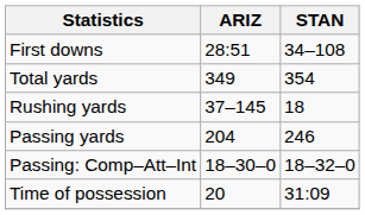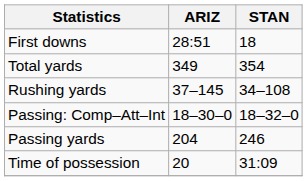 <table class="wikitable" style="float: left;">
 <tr>
 <th>Statistics</th>
 <th>ARIZ</th>
 <th>STAN</th>
 </tr>
 <tr>
 <td>First downs</td>
 <td>28:51</td>
-<td>34–108</td>
+<td>18</td>
 </tr>
 <tr>
 <td>Total yards</td>
 <td>349</td>
 <td>354</td>
 </tr>
 <tr>
 <td>Rushing yards</td>
 <td>37–145</td>
-<td>18</td>
+<td>34–108</td>
+</tr>
+<tr>
+<td>Passing: Comp–Att–Int</td>
+<td>18–30–0</td>
+<td>18–32–0</td>
 </tr>
 <tr>
 <td>Passing yards</td>
 <td>204</td>
 <td>246</td>
-</tr>
-<tr>
-<td>Passing: Comp–Att–Int</td>
-<td>18–30–0</td>
-<td>18–32–0</td>
 </tr>
 <tr>
 <td>Time of possession</td>
 <td>20</td>
 <td>31:09</td>
 </tr>
 <tr>
 </tr>
 </table>
